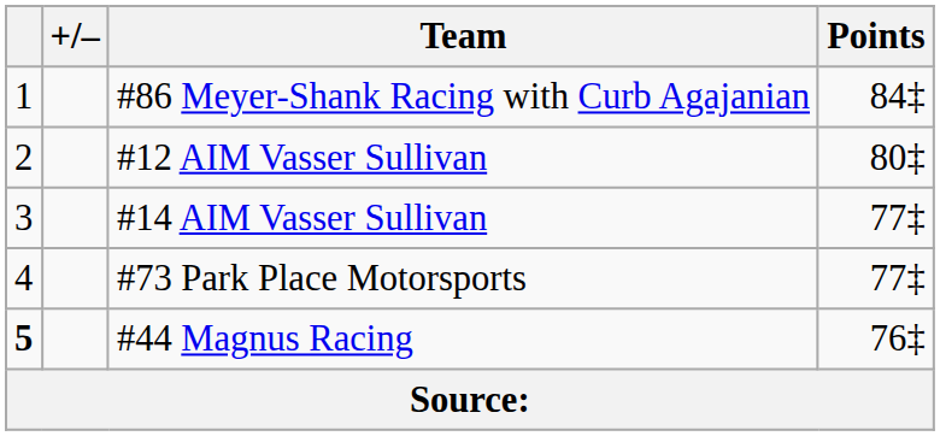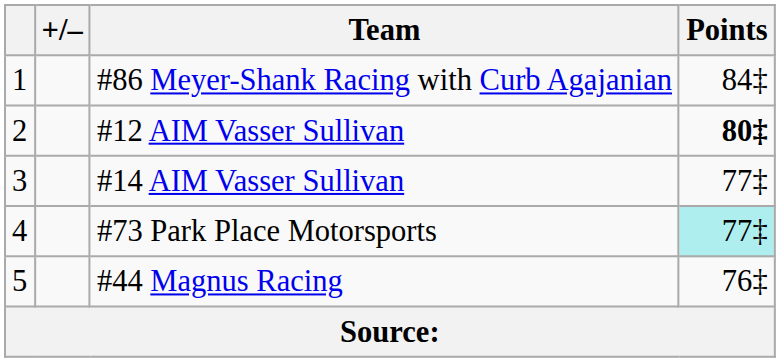 <table class="wikitable" style="font-size: 95%;">
 <tr>
 <th scope="col"></th>
 <th scope="col">+/–</th>
 <th scope="col">Team</th>
 <th scope="col">Points</th>
 </tr>
 <tr>
 <td align=center>1</td>
 <td align="left"></td>
 <td> #86 <a href='#'>Meyer-Shank Racing</a> with <a href='#'>Curb Agajanian</a></td>
 <td align=right>84‡</td>
 </tr>
 <tr>
 <td align=center>2</td>
 <td align="left"></td>
 <td> #12 <a href='#'>AIM Vasser Sullivan</a></td>
-<td align=right>80‡</td>
+<td align=right><strong>80‡</strong></td>
 </tr>
 <tr>
 <td align=center>3</td>
 <td align="left"></td>
 <td> #14 <a href='#'>AIM Vasser Sullivan</a></td>
 <td align=right>77‡</td>
 </tr>
 <tr>
 <td align=center>4</td>
 <td align="left"></td>
 <td> #73 Park Place Motorsports</td>
-<td align=right>77‡</td>
+<td align=right style="background: paleturquoise;">77‡</td>
 </tr>
 <tr>
-<td align=center><strong>5</strong></td>
+<td align=center>5</td>
 <td align="left"></td>
 <td> #44 <a href='#'>Magnus Racing</a></td>
 <td align=right>76‡</td>
 </tr>
 <tr>
 <th colspan=5>Source:</th>
 </tr>
 </table>
